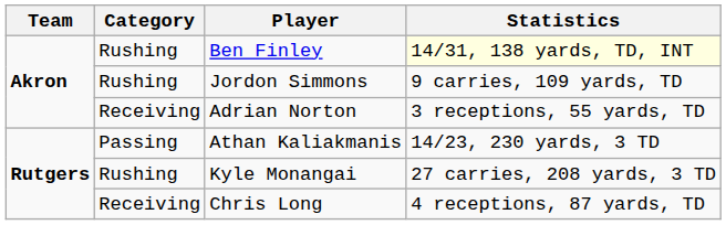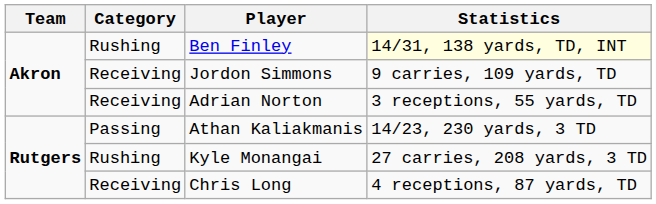 <table class="wikitable" style="float: right;">
 <tr>
 <th>Team</th>
 <th>Category</th>
 <th>Player</th>
 <th>Statistics</th>
 </tr>
 <tr>
 <td rowspan=3><strong>Akron</strong></td>
 <td>Rushing</td>
 <td><a href='#'>Ben Finley</a></td>
 <td style="background: lightyellow;">14/31, 138 yards, TD, INT</td>
 </tr>
 <tr>
-<td>Rushing</td>
+<td>Receiving</td>
 <td>Jordon Simmons</td>
 <td>9 carries, 109 yards, TD</td>
 </tr>
 <tr>
 <td>Receiving</td>
 <td>Adrian Norton</td>
 <td>3 receptions, 55 yards, TD</td>
 </tr>
 <tr>
 <td rowspan=3><strong>Rutgers</strong></td>
 <td>Passing</td>
 <td>Athan Kaliakmanis</td>
 <td>14/23, 230 yards, 3 TD</td>
 </tr>
 <tr>
 <td>Rushing</td>
 <td>Kyle Monangai</td>
 <td>27 carries, 208 yards, 3 TD</td>
 </tr>
 <tr>
 <td>Receiving</td>
 <td>Chris Long</td>
 <td>4 receptions, 87 yards, TD</td>
 </tr>
 </table>
